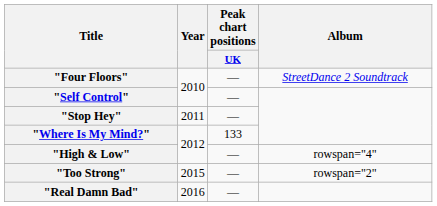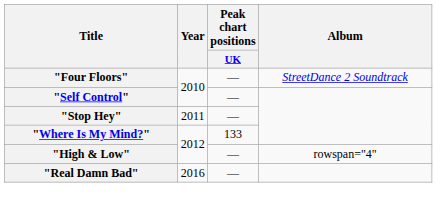 <table class="wikitable plainrowheaders" style="text-align:center;">
 <tr>
 <th scope="col" rowspan="2" style="width:14em;">Title</th>
 <th scope="col" rowspan="2">Year</th>
 <th scope="col">Peak chart positions</th>
 <th scope="col" rowspan="2" style="width:14em;">Album</th>
 </tr>
 <tr>
 <th scope="col" style="width:3em;font-size:90%;"><a href='#'>UK</a><br></th>
 </tr>
 <tr>
 <th scope="row">"Four Floors"</th>
 <td rowspan="2">2010</td>
 <td>—</td>
 <td><em><a href='#'>StreetDance 2 Soundtrack</a></em></td>
 </tr>
 <tr>
 <th scope="row">"<a href='#'>Self Control</a>"</th>
 <td>—</td>
 </tr>
 <tr>
 <th scope="row">"Stop Hey"</th>
 <td>2011</td>
 <td>—</td>
 </tr>
 <tr>
 <th scope="row">"<a href='#'>Where Is My Mind?</a>"</th>
 <td rowspan="2">2012</td>
 <td>133</td>
 </tr>
 <tr>
 <th scope="row">"High & Low"</th>
 <td>—</td>
 <td>rowspan="4" </td>
 </tr>
 <tr>
-<th scope="row">"Too Strong"</th>
-<td>2015</td>
-<td>—</td>
-<td>rowspan="2" </td>
-</tr>
-<tr>
 <th scope="row">"Real Damn Bad"</th>
 <td>2016</td>
 <td>—</td>
 </tr>
 </table>
